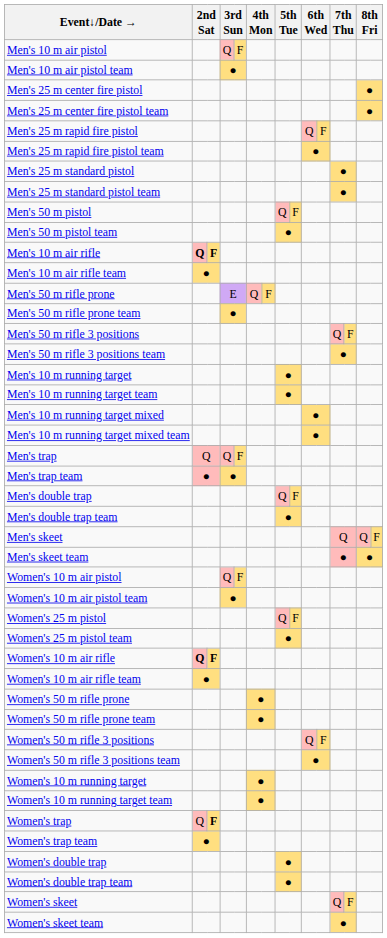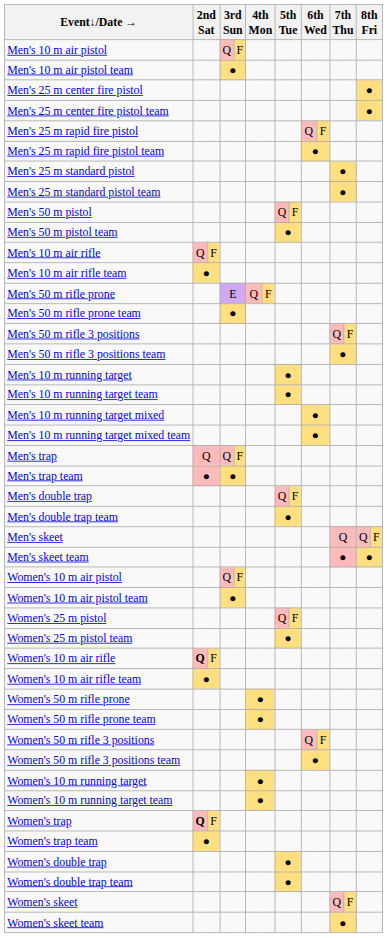 <table class="wikitable" style="margin:0.5em auto; font-size:90%; line-height:1.25em; text-align:center;">
 <tr>
 <th>Event↓/Date →</th>
 <th colspan=2>2nd<br>Sat</th>
 <th colspan=2>3rd<br>Sun</th>
 <th colspan=2>4th<br>Mon</th>
 <th colspan=2>5th<br>Tue</th>
 <th colspan=2>6th<br>Wed</th>
 <th colspan=2>7th<br>Thu</th>
 <th colspan=2>8th<br>Fri</th>
 </tr>
 <tr>
 <td align=left><a href='#'>Men's 10 m air pistol</a></td>
 <td colspan=2></td>
 <td bgcolor="#FFBBBB">Q</td>
 <td bgcolor="#FFDF80">F</td>
 <td colspan=2></td>
 <td colspan=2></td>
 <td colspan=2></td>
 <td colspan=2></td>
 <td colspan=2></td>
 </tr>
 <tr>
 <td align=left><a href='#'>Men's 10 m air pistol team</a></td>
 <td colspan=2></td>
 <td colspan=2 bgcolor="#FFDF80">●</td>
 <td colspan=2></td>
 <td colspan=2></td>
 <td colspan=2></td>
 <td colspan=2></td>
 <td colspan=2></td>
 </tr>
 <tr>
 <td align=left><a href='#'>Men's 25 m center fire pistol</a></td>
 <td colspan=2></td>
 <td colspan=2></td>
 <td colspan=2></td>
 <td colspan=2></td>
 <td colspan=2></td>
 <td colspan=2></td>
 <td colspan=2 bgcolor="#FFDF80">●</td>
 </tr>
 <tr>
 <td align=left><a href='#'>Men's 25 m center fire pistol team</a></td>
 <td colspan=2></td>
 <td colspan=2></td>
 <td colspan=2></td>
 <td colspan=2></td>
 <td colspan=2></td>
 <td colspan=2></td>
 <td colspan=2 bgcolor="#FFDF80">●</td>
 </tr>
 <tr>
 <td align=left><a href='#'>Men's 25 m rapid fire pistol</a></td>
 <td colspan=2></td>
 <td colspan=2></td>
 <td colspan=2></td>
 <td colspan=2></td>
 <td bgcolor="#FFBBBB">Q</td>
 <td bgcolor="#FFDF80">F</td>
 <td colspan=2></td>
 <td colspan=2></td>
 </tr>
 <tr>
 <td align=left><a href='#'>Men's 25 m rapid fire pistol team</a></td>
 <td colspan=2></td>
 <td colspan=2></td>
 <td colspan=2></td>
 <td colspan=2></td>
 <td colspan=2 bgcolor="#FFDF80">●</td>
 <td colspan=2></td>
 <td colspan=2></td>
 </tr>
 <tr>
 <td align=left><a href='#'>Men's 25 m standard pistol</a></td>
 <td colspan=2></td>
 <td colspan=2></td>
 <td colspan=2></td>
 <td colspan=2></td>
 <td colspan=2></td>
 <td colspan=2 bgcolor="#FFDF80">●</td>
 <td colspan=2></td>
 </tr>
 <tr>
 <td align=left><a href='#'>Men's 25 m standard pistol team</a></td>
 <td colspan=2></td>
 <td colspan=2></td>
 <td colspan=2></td>
 <td colspan=2></td>
 <td colspan=2></td>
 <td colspan=2 bgcolor="#FFDF80">●</td>
 <td colspan=2></td>
 </tr>
 <tr>
 <td align=left><a href='#'>Men's 50 m pistol</a></td>
 <td colspan=2></td>
 <td colspan=2></td>
 <td colspan=2></td>
 <td bgcolor="#FFBBBB">Q</td>
 <td bgcolor="#FFDF80">F</td>
 <td colspan=2></td>
 <td colspan=2></td>
 <td colspan=2></td>
 </tr>
 <tr>
 <td align=left><a href='#'>Men's 50 m pistol team</a></td>
 <td colspan=2></td>
 <td colspan=2></td>
 <td colspan=2></td>
 <td colspan=2 bgcolor="#FFDF80">●</td>
 <td colspan=2></td>
 <td colspan=2></td>
 <td colspan=2></td>
 </tr>
 <tr>
 <td align=left><a href='#'>Men's 10 m air rifle</a></td>
-<td bgcolor="#FFBBBB"><strong>Q</strong></td>
-<td bgcolor="#FFDF80"><strong>F</strong></td>
+<td bgcolor="#FFBBBB">Q</td>
+<td bgcolor="#FFDF80">F</td>
 <td colspan=2></td>
 <td colspan=2></td>
 <td colspan=2></td>
 <td colspan=2></td>
 <td colspan=2></td>
 <td colspan=2></td>
 </tr>
 <tr>
 <td align=left><a href='#'>Men's 10 m air rifle team</a></td>
 <td colspan=2 bgcolor="#FFDF80">●</td>
 <td colspan=2></td>
 <td colspan=2></td>
 <td colspan=2></td>
 <td colspan=2></td>
 <td colspan=2></td>
 <td colspan=2></td>
 </tr>
 <tr>
 <td align=left><a href='#'>Men's 50 m rifle prone</a></td>
 <td colspan=2></td>
 <td colspan=2 bgcolor="#D0A9F5">E</td>
 <td bgcolor="#FFBBBB">Q</td>
 <td bgcolor="#FFDF80">F</td>
 <td colspan=2></td>
 <td colspan=2></td>
 <td colspan=2></td>
 <td colspan=2></td>
 </tr>
 <tr>
 <td align=left><a href='#'>Men's 50 m rifle prone team</a></td>
 <td colspan=2></td>
 <td colspan=2 bgcolor="#FFDF80">●</td>
 <td colspan=2></td>
 <td colspan=2></td>
 <td colspan=2></td>
 <td colspan=2></td>
 <td colspan=2></td>
 </tr>
 <tr>
 <td align=left><a href='#'>Men's 50 m rifle 3 positions</a></td>
 <td colspan=2></td>
 <td colspan=2></td>
 <td colspan=2></td>
 <td colspan=2></td>
 <td colspan=2></td>
 <td bgcolor="#FFBBBB">Q</td>
 <td bgcolor="#FFDF80">F</td>
 <td colspan=2></td>
 </tr>
 <tr>
 <td align=left><a href='#'>Men's 50 m rifle 3 positions team</a></td>
 <td colspan=2></td>
 <td colspan=2></td>
 <td colspan=2></td>
 <td colspan=2></td>
 <td colspan=2></td>
 <td colspan=2 bgcolor="#FFDF80">●</td>
 <td colspan=2></td>
 </tr>
 <tr>
 <td align=left><a href='#'>Men's 10 m running target</a></td>
 <td colspan=2></td>
 <td colspan=2></td>
 <td colspan=2></td>
 <td colspan=2 bgcolor="#FFDF80">●</td>
 <td colspan=2></td>
 <td colspan=2></td>
 <td colspan=2></td>
 </tr>
 <tr>
 <td align=left><a href='#'>Men's 10 m running target team</a></td>
 <td colspan=2></td>
 <td colspan=2></td>
 <td colspan=2></td>
 <td colspan=2 bgcolor="#FFDF80">●</td>
 <td colspan=2></td>
 <td colspan=2></td>
 <td colspan=2></td>
 </tr>
 <tr>
 <td align=left><a href='#'>Men's 10 m running target mixed</a></td>
 <td colspan=2></td>
 <td colspan=2></td>
 <td colspan=2></td>
 <td colspan=2></td>
 <td colspan=2 bgcolor="#FFDF80">●</td>
 <td colspan=2></td>
 <td colspan=2></td>
 </tr>
 <tr>
 <td align=left><a href='#'>Men's 10 m running target mixed team</a></td>
 <td colspan=2></td>
 <td colspan=2></td>
 <td colspan=2></td>
 <td colspan=2></td>
 <td colspan=2 bgcolor="#FFDF80">●</td>
 <td colspan=2></td>
 <td colspan=2></td>
 </tr>
 <tr>
 <td align=left><a href='#'>Men's trap</a></td>
 <td colspan=2 bgcolor="#FFBBBB">Q</td>
 <td bgcolor="#FFBBBB">Q</td>
 <td bgcolor="#FFDF80">F</td>
 <td colspan=2></td>
 <td colspan=2></td>
 <td colspan=2></td>
 <td colspan=2></td>
 <td colspan=2></td>
 </tr>
 <tr>
 <td align=left><a href='#'>Men's trap team</a></td>
 <td colspan=2 bgcolor="#FFBBBB">●</td>
 <td colspan=2 bgcolor="#FFDF80">●</td>
 <td colspan=2></td>
 <td colspan=2></td>
 <td colspan=2></td>
 <td colspan=2></td>
 <td colspan=2></td>
 </tr>
 <tr>
 <td align=left><a href='#'>Men's double trap</a></td>
 <td colspan=2></td>
 <td colspan=2></td>
 <td colspan=2></td>
 <td bgcolor="#FFBBBB">Q</td>
 <td bgcolor="#FFDF80">F</td>
 <td colspan=2></td>
 <td colspan=2></td>
 <td colspan=2></td>
 </tr>
 <tr>
 <td align=left><a href='#'>Men's double trap team</a></td>
 <td colspan=2></td>
 <td colspan=2></td>
 <td colspan=2></td>
 <td colspan=2 bgcolor="#FFDF80">●</td>
 <td colspan=2></td>
 <td colspan=2></td>
 <td colspan=2></td>
 </tr>
 <tr>
 <td align=left><a href='#'>Men's skeet</a></td>
 <td colspan=2></td>
 <td colspan=2></td>
 <td colspan=2></td>
 <td colspan=2></td>
 <td colspan=2></td>
 <td colspan=2 bgcolor="#FFBBBB">Q</td>
 <td bgcolor="#FFBBBB">Q</td>
 <td bgcolor="#FFDF80">F</td>
 </tr>
 <tr>
 <td align=left><a href='#'>Men's skeet team</a></td>
 <td colspan=2></td>
 <td colspan=2></td>
 <td colspan=2></td>
 <td colspan=2></td>
 <td colspan=2></td>
 <td colspan=2 bgcolor="#FFBBBB">●</td>
 <td colspan=2 bgcolor="#FFDF80">●</td>
 </tr>
 <tr>
 <td align=left><a href='#'>Women's 10 m air pistol</a></td>
 <td colspan=2></td>
 <td bgcolor="#FFBBBB">Q</td>
 <td bgcolor="#FFDF80">F</td>
 <td colspan=2></td>
 <td colspan=2></td>
 <td colspan=2></td>
 <td colspan=2></td>
 <td colspan=2></td>
 </tr>
 <tr>
 <td align=left><a href='#'>Women's 10 m air pistol team</a></td>
 <td colspan=2></td>
 <td colspan=2 bgcolor="#FFDF80">●</td>
 <td colspan=2></td>
 <td colspan=2></td>
 <td colspan=2></td>
 <td colspan=2></td>
 <td colspan=2></td>
 </tr>
 <tr>
 <td align=left><a href='#'>Women's 25 m pistol</a></td>
 <td colspan=2></td>
 <td colspan=2></td>
 <td colspan=2></td>
 <td bgcolor="#FFBBBB">Q</td>
 <td bgcolor="#FFDF80">F</td>
 <td colspan=2></td>
 <td colspan=2></td>
 <td colspan=2></td>
 </tr>
 <tr>
 <td align=left><a href='#'>Women's 25 m pistol team</a></td>
 <td colspan=2></td>
 <td colspan=2></td>
 <td colspan=2></td>
 <td colspan=2 bgcolor="#FFDF80">●</td>
 <td colspan=2></td>
 <td colspan=2></td>
 <td colspan=2></td>
 </tr>
 <tr>
 <td align=left><a href='#'>Women's 10 m air rifle</a></td>
 <td bgcolor="#FFBBBB"><strong>Q</strong></td>
-<td bgcolor="#FFDF80"><strong>F</strong></td>
+<td bgcolor="#FFDF80">F</td>
 <td colspan=2></td>
 <td colspan=2></td>
 <td colspan=2></td>
 <td colspan=2></td>
 <td colspan=2></td>
 <td colspan=2></td>
 </tr>
 <tr>
 <td align=left><a href='#'>Women's 10 m air rifle team</a></td>
 <td colspan=2 bgcolor="#FFDF80">●</td>
 <td colspan=2></td>
 <td colspan=2></td>
 <td colspan=2></td>
 <td colspan=2></td>
 <td colspan=2></td>
 <td colspan=2></td>
 </tr>
 <tr>
 <td align=left><a href='#'>Women's 50 m rifle prone</a></td>
 <td colspan=2></td>
 <td colspan=2></td>
 <td colspan=2 bgcolor="#FFDF80">●</td>
 <td colspan=2></td>
 <td colspan=2></td>
 <td colspan=2></td>
 <td colspan=2></td>
 </tr>
 <tr>
 <td align=left><a href='#'>Women's 50 m rifle prone team</a></td>
 <td colspan=2></td>
 <td colspan=2></td>
 <td colspan=2 bgcolor="#FFDF80">●</td>
 <td colspan=2></td>
 <td colspan=2></td>
 <td colspan=2></td>
 <td colspan=2></td>
 </tr>
 <tr>
 <td align=left><a href='#'>Women's 50 m rifle 3 positions</a></td>
 <td colspan=2></td>
 <td colspan=2></td>
 <td colspan=2></td>
 <td colspan=2></td>
 <td bgcolor="#FFBBBB">Q</td>
 <td bgcolor="#FFDF80">F</td>
 <td colspan=2></td>
 <td colspan=2></td>
 </tr>
 <tr>
 <td align=left><a href='#'>Women's 50 m rifle 3 positions team</a></td>
 <td colspan=2></td>
 <td colspan=2></td>
 <td colspan=2></td>
 <td colspan=2></td>
 <td colspan=2 bgcolor="#FFDF80">●</td>
 <td colspan=2></td>
 <td colspan=2></td>
 </tr>
 <tr>
 <td align=left><a href='#'>Women's 10 m running target</a></td>
 <td colspan=2></td>
 <td colspan=2></td>
 <td colspan=2 bgcolor="#FFDF80">●</td>
 <td colspan=2></td>
 <td colspan=2></td>
 <td colspan=2></td>
 <td colspan=2></td>
 </tr>
 <tr>
 <td align=left><a href='#'>Women's 10 m running target team</a></td>
 <td colspan=2></td>
 <td colspan=2></td>
 <td colspan=2 bgcolor="#FFDF80">●</td>
 <td colspan=2></td>
 <td colspan=2></td>
 <td colspan=2></td>
 <td colspan=2></td>
 </tr>
 <tr>
 <td align=left><a href='#'>Women's trap</a></td>
-<td bgcolor="#FFBBBB">Q</td>
-<td bgcolor="#FFDF80"><strong>F</strong></td>
+<td bgcolor="#FFBBBB"><strong>Q</strong></td>
+<td bgcolor="#FFDF80">F</td>
 <td colspan=2></td>
 <td colspan=2></td>
 <td colspan=2></td>
 <td colspan=2></td>
 <td colspan=2></td>
 <td colspan=2></td>
 </tr>
 <tr>
 <td align=left><a href='#'>Women's trap team</a></td>
 <td colspan=2 bgcolor="#FFDF80">●</td>
 <td colspan=2></td>
 <td colspan=2></td>
 <td colspan=2></td>
 <td colspan=2></td>
 <td colspan=2></td>
 <td colspan=2></td>
 </tr>
 <tr>
 <td align=left><a href='#'>Women's double trap</a></td>
 <td colspan=2></td>
 <td colspan=2></td>
 <td colspan=2></td>
 <td colspan=2 bgcolor="#FFDF80">●</td>
 <td colspan=2></td>
 <td colspan=2></td>
 <td colspan=2></td>
 </tr>
 <tr>
 <td align=left><a href='#'>Women's double trap team</a></td>
 <td colspan=2></td>
 <td colspan=2></td>
 <td colspan=2></td>
 <td colspan=2 bgcolor="#FFDF80">●</td>
 <td colspan=2></td>
 <td colspan=2></td>
 <td colspan=2></td>
 </tr>
 <tr>
 <td align=left><a href='#'>Women's skeet</a></td>
 <td colspan=2></td>
 <td colspan=2></td>
 <td colspan=2></td>
 <td colspan=2></td>
 <td colspan=2></td>
 <td bgcolor="#FFBBBB">Q</td>
 <td bgcolor="#FFDF80">F</td>
 <td colspan=2></td>
 </tr>
 <tr>
 <td align=left><a href='#'>Women's skeet team</a></td>
 <td colspan=2></td>
 <td colspan=2></td>
 <td colspan=2></td>
 <td colspan=2></td>
 <td colspan=2></td>
 <td colspan=2 bgcolor="#FFDF80">●</td>
 <td colspan=2></td>
 </tr>
 </table>
